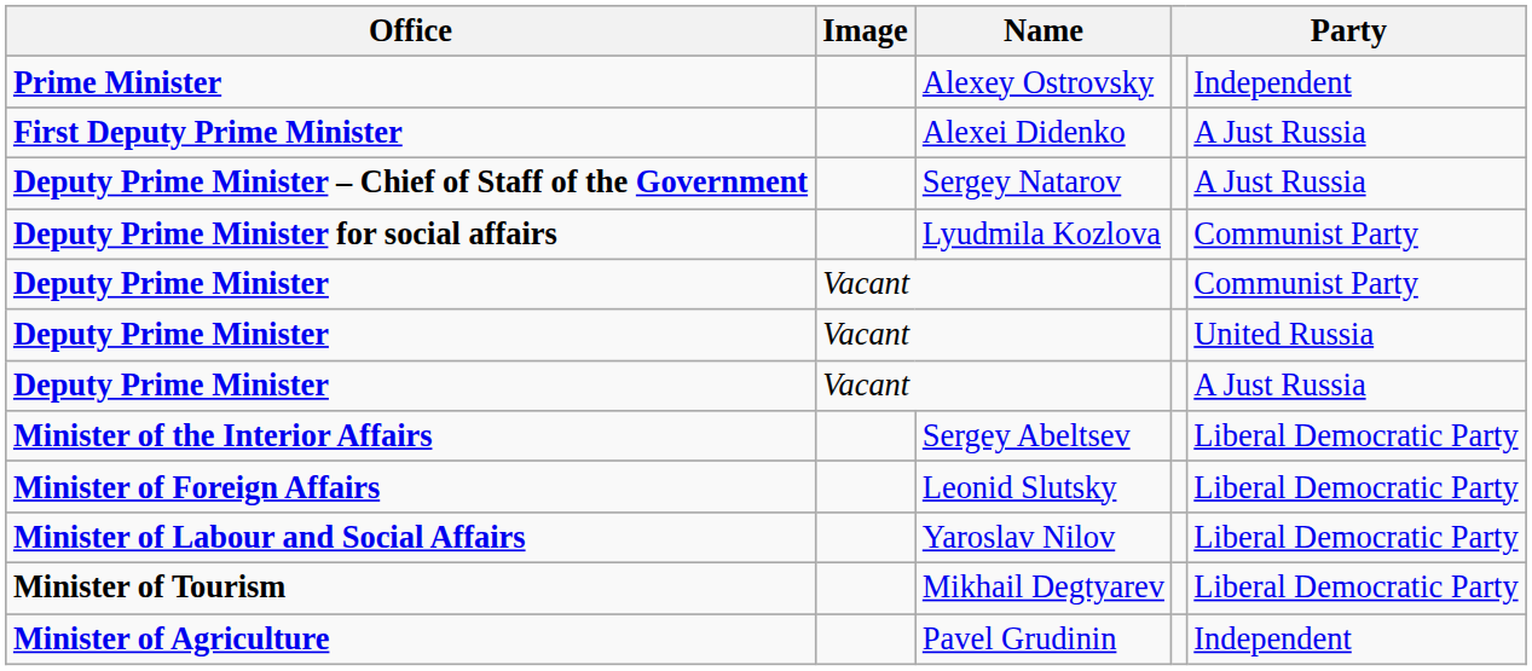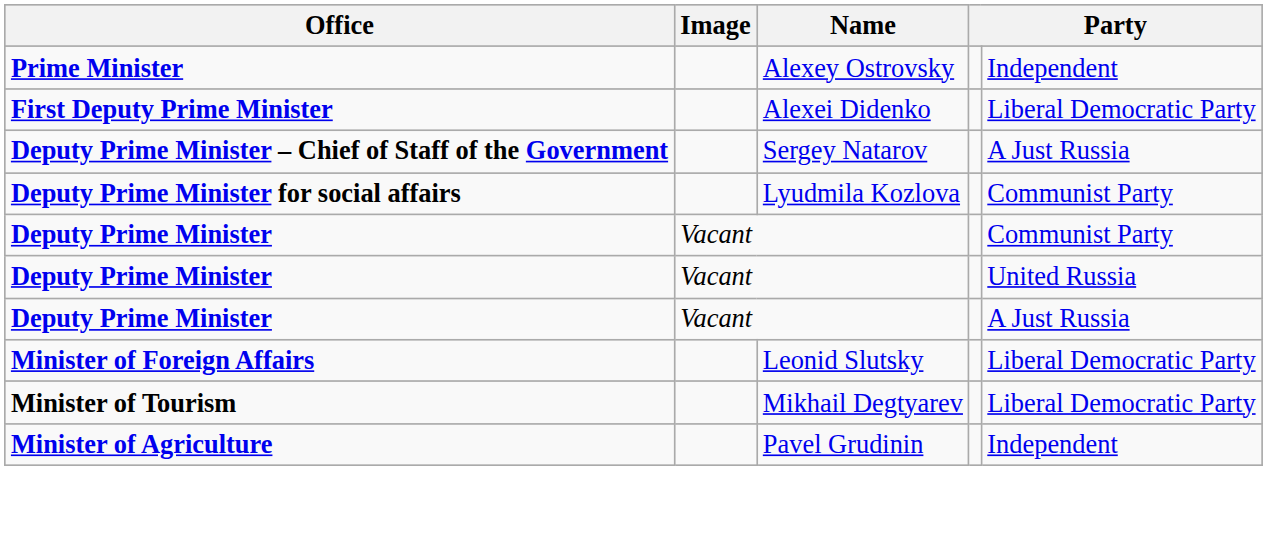 <table class="wikitable">
 <tr>
 <th>Office</th>
 <th>Image</th>
 <th>Name</th>
 <th colspan=2>Party</th>
 </tr>
 <tr>
 <td><strong><a href='#'>Prime Minister</a></strong></td>
 <td></td>
 <td><a href='#'>Alexey Ostrovsky</a></td>
 <td style="background-color:"></td>
 <td><a href='#'>Independent</a></td>
 </tr>
 <tr>
 <td><strong><a href='#'>First Deputy Prime Minister</a></strong></td>
 <td></td>
 <td><a href='#'>Alexei Didenko</a></td>
 <td style="background-color:"></td>
-<td><a href='#'>A Just Russia</a></td>
+<td><a href='#'>Liberal Democratic Party</a></td>
 </tr>
 <tr>
 <td><strong><a href='#'>Deputy Prime Minister</a> – Chief of Staff of the <a href='#'>Government</a></strong></td>
 <td></td>
 <td><a href='#'>Sergey Natarov</a></td>
 <td style="background-color:"></td>
 <td><a href='#'>A Just Russia</a></td>
 </tr>
 <tr>
 <td><strong><a href='#'>Deputy Prime Minister</a> for social affairs</strong></td>
 <td></td>
 <td><a href='#'>Lyudmila Kozlova</a></td>
 <td style="background-color:"></td>
 <td><a href='#'>Communist Party</a></td>
 </tr>
 <tr>
 <td><strong><a href='#'>Deputy Prime Minister</a></strong></td>
 <td colspan=2><em>Vacant</em></td>
 <td style="background-color:"></td>
 <td><a href='#'>Communist Party</a></td>
 </tr>
 <tr>
 <td><strong><a href='#'>Deputy Prime Minister</a></strong></td>
 <td colspan=2><em>Vacant</em></td>
 <td style="background-color:"></td>
 <td><a href='#'>United Russia</a></td>
 </tr>
 <tr>
 <td><strong><a href='#'>Deputy Prime Minister</a></strong></td>
 <td colspan=2><em>Vacant</em></td>
 <td style="background-color:"></td>
 <td><a href='#'>A Just Russia</a></td>
 </tr>
 <tr>
-<td><strong><a href='#'>Minister of the Interior Affairs</a></strong></td>
-<td></td>
-<td><a href='#'>Sergey Abeltsev</a></td>
-<td style="background-color:"></td>
-<td><a href='#'>Liberal Democratic Party</a></td>
-</tr>
-<tr>
 <td><strong><a href='#'>Minister of Foreign Affairs</a></strong></td>
 <td></td>
 <td><a href='#'>Leonid Slutsky</a></td>
-<td style="background-color:"></td>
-<td><a href='#'>Liberal Democratic Party</a></td>
-</tr>
-<tr>
-<td><strong><a href='#'>Minister of Labour and Social Affairs</a></strong></td>
-<td></td>
-<td><a href='#'>Yaroslav Nilov</a></td>
 <td style="background-color:"></td>
 <td><a href='#'>Liberal Democratic Party</a></td>
 </tr>
 <tr>
 <td><strong>Minister of Tourism</strong></td>
 <td></td>
 <td><a href='#'>Mikhail Degtyarev</a></td>
 <td style="background-color:"></td>
 <td><a href='#'>Liberal Democratic Party</a></td>
 </tr>
 <tr>
 <td><strong><a href='#'>Minister of Agriculture</a></strong></td>
 <td></td>
 <td><a href='#'>Pavel Grudinin</a></td>
 <td style="background-color:"></td>
 <td><a href='#'>Independent</a></td>
 </tr>
 </table>
